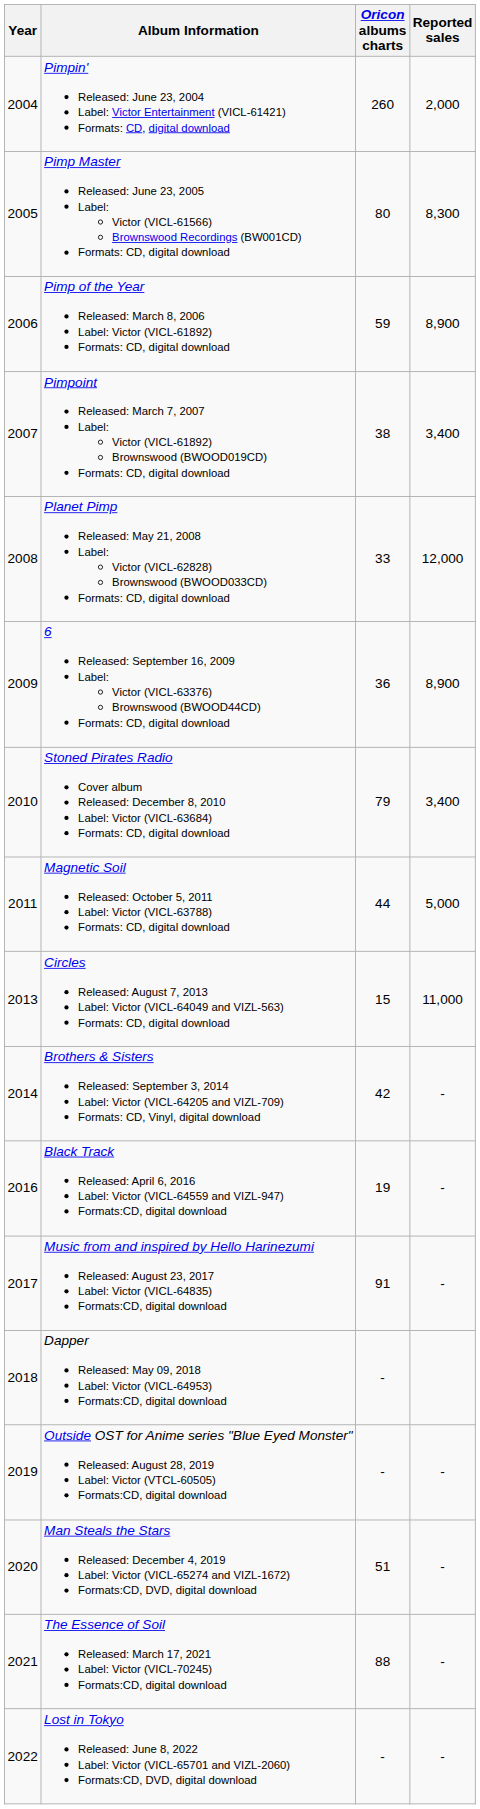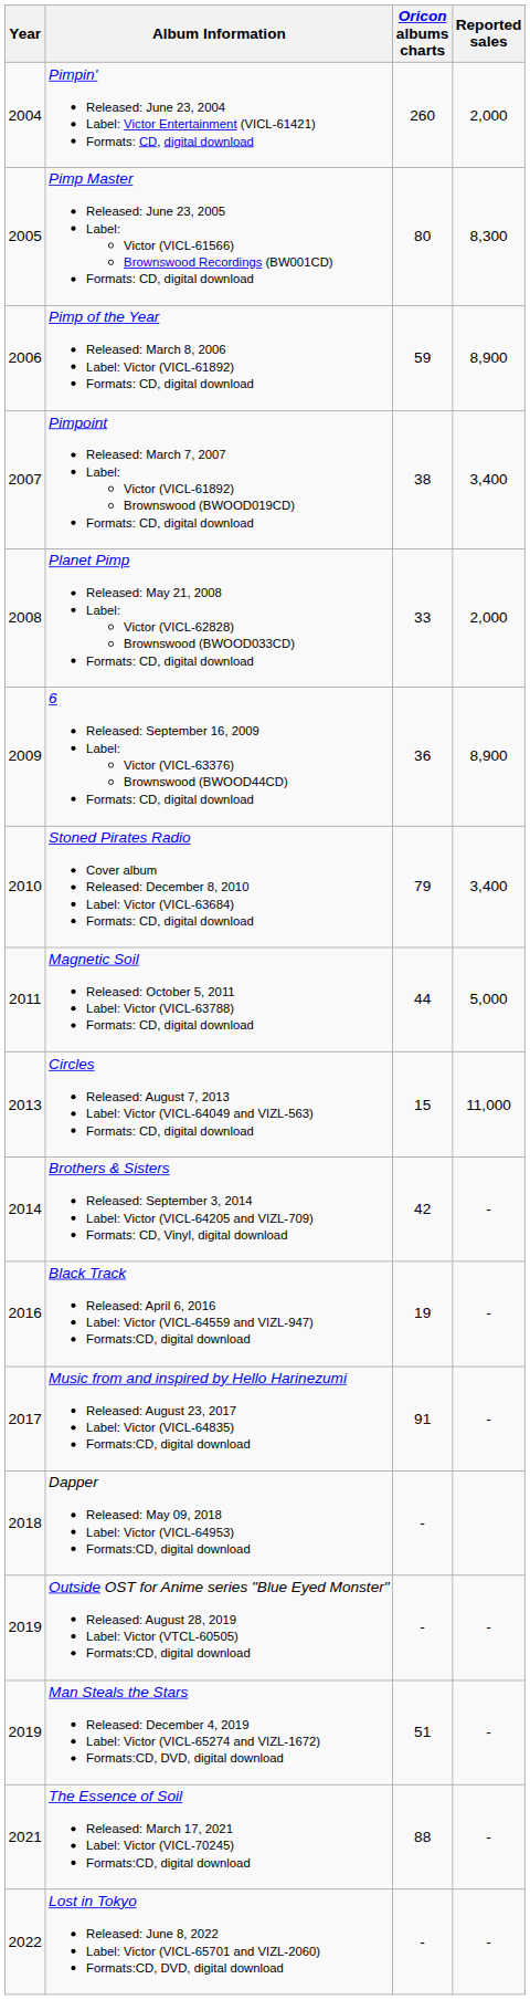 <table class="wikitable">
 <tr>
 <th>Year</th>
 <th>Album Information</th>
 <th><em><a href='#'>Oricon</a></em><br>albums<br>charts<br></th>
 <th>Reported<br>sales<br></th>
 </tr>
 <tr>
 <td style="text-align:center;">2004</td>
 <td><em><a href='#'>Pimpin'</a></em><br><ul><li><small>Released: June 23, 2004</small></li><li><small>Label: <a href='#'>Victor Entertainment</a> (VICL-61421)</small></li><li><small>Formats: <a href='#'>CD</a>, <a href='#'>digital download</a></small></li></ul></td>
 <td style="text-align:center;">260</td>
 <td style="text-align:center;">2,000</td>
 </tr>
 <tr>
 <td style="text-align:center;">2005</td>
 <td><em><a href='#'>Pimp Master</a></em><br><ul><li><small>Released: June 23, 2005</small></li><li><small>Label:</small><ul><li><small>Victor (VICL-61566)</small></li><li><small><a href='#'>Brownswood Recordings</a> (BW001CD)</small></li></ul></li><li><small>Formats: CD, digital download</small></li></ul></td>
 <td style="text-align:center;">80</td>
 <td style="text-align:center;">8,300</td>
 </tr>
 <tr>
 <td style="text-align:center;">2006</td>
 <td><em><a href='#'>Pimp of the Year</a></em><br><ul><li><small>Released: March 8, 2006</small></li><li><small>Label: Victor (VICL-61892)</small></li><li><small>Formats: CD, digital download</small></li></ul></td>
 <td style="text-align:center;">59</td>
 <td style="text-align:center;">8,900</td>
 </tr>
 <tr>
 <td style="text-align:center;">2007</td>
 <td><em><a href='#'>Pimpoint</a></em><br><ul><li><small>Released: March 7, 2007</small></li><li><small>Label:</small><ul><li><small>Victor (VICL-61892)</small></li><li><small>Brownswood (BWOOD019CD)</small></li></ul></li><li><small>Formats: CD, digital download</small></li></ul></td>
 <td style="text-align:center;">38</td>
 <td style="text-align:center;">3,400</td>
 </tr>
 <tr>
 <td style="text-align:center;">2008</td>
 <td><em><a href='#'>Planet Pimp</a></em><br><ul><li><small>Released: May 21, 2008</small></li><li><small>Label:</small><ul><li><small>Victor (VICL-62828)</small></li><li><small>Brownswood (BWOOD033CD)</small></li></ul></li><li><small>Formats: CD, digital download</small></li></ul></td>
 <td style="text-align:center;">33</td>
-<td style="text-align:center;">12,000</td>
+<td style="text-align:center;">2,000</td>
 </tr>
 <tr>
 <td style="text-align:center;">2009</td>
 <td><em><a href='#'>6</a></em><br><ul><li><small>Released: September 16, 2009</small></li><li><small>Label:</small><ul><li><small>Victor (VICL-63376)</small></li><li><small>Brownswood (BWOOD44CD)</small></li></ul></li><li><small>Formats: CD, digital download</small></li></ul></td>
 <td style="text-align:center;">36</td>
 <td style="text-align:center;">8,900</td>
 </tr>
 <tr>
 <td style="text-align:center;">2010</td>
 <td><em><a href='#'>Stoned Pirates Radio</a></em><br><ul><li><small>Cover album</small></li><li><small>Released: December 8, 2010</small></li><li><small>Label: Victor (VICL-63684)</small></li><li><small>Formats: CD, digital download</small></li></ul></td>
 <td style="text-align:center;">79</td>
 <td style="text-align:center;">3,400</td>
 </tr>
 <tr>
 <td style="text-align:center;">2011</td>
 <td><em><a href='#'>Magnetic Soil</a></em><br><ul><li><small>Released: October 5, 2011</small></li><li><small>Label: Victor (VICL-63788)</small></li><li><small>Formats: CD, digital download</small></li></ul></td>
 <td style="text-align:center;">44</td>
 <td style="text-align:center;">5,000</td>
 </tr>
 <tr>
 <td style="text-align:center;">2013</td>
 <td><em><a href='#'>Circles</a></em><br><ul><li><small>Released: August 7, 2013</small></li><li><small>Label: Victor (VICL-64049 and VIZL-563)</small></li><li><small>Formats: CD, digital download</small></li></ul></td>
 <td style="text-align:center;">15</td>
 <td style="text-align:center;">11,000</td>
 </tr>
 <tr>
 <td style="text-align:center;">2014</td>
 <td><em><a href='#'>Brothers & Sisters</a></em><br><ul><li><small>Released: September 3, 2014</small></li><li><small>Label: Victor (VICL-64205 and VIZL-709)</small></li><li><small>Formats: CD, Vinyl, digital download</small></li></ul></td>
 <td style="text-align:center;">42</td>
 <td style="text-align:center;">-</td>
 </tr>
 <tr>
 <td style="text-align:center;">2016</td>
 <td><em><a href='#'>Black Track</a></em><br><ul><li><small>Released: April 6, 2016</small></li><li><small>Label: Victor (VICL-64559 and VIZL-947)</small></li><li><small>Formats:CD, digital download</small></li></ul></td>
 <td style="text-align:center;">19</td>
 <td style="text-align:center;">-</td>
 </tr>
 <tr>
 <td style="text-align:center;">2017</td>
 <td><em><a href='#'>Music from and inspired by Hello Harinezumi</a></em><br><ul><li><small>Released: August 23, 2017</small></li><li><small>Label: Victor (VICL-64835)</small></li><li><small>Formats:CD, digital download</small></li></ul></td>
 <td style="text-align:center;">91</td>
 <td style="text-align:center;">-</td>
 </tr>
 <tr>
 <td>2018</td>
 <td><em>Dapper</em><br><ul><li><small>Released: May 09, 2018</small></li><li><small>Label: Victor (VICL-64953)</small></li><li><small>Formats:CD, digital download</small></li></ul></td>
 <td style="text-align:center;">-</td>
 <td></td>
 </tr>
 <tr>
 <td style="text-align:center;">2019</td>
 <td><em><a href='#'>Outside</a> OST for Anime series "Blue Eyed Monster"</em><br><ul><li><small>Released: August 28, 2019</small></li><li><small>Label: Victor (VTCL-60505)</small></li><li><small>Formats:CD, digital download</small></li></ul></td>
 <td style="text-align:center;">-</td>
 <td style="text-align:center;">-</td>
 </tr>
 <tr>
-<td style="text-align:center;">2020</td>
+<td style="text-align:center;">2019</td>
 <td><em><a href='#'>Man Steals the Stars</a></em><br><ul><li><small>Released: December 4, 2019</small></li><li><small>Label: Victor (VICL-65274 and VIZL-1672)</small></li><li><small>Formats:CD, DVD, digital download</small></li></ul></td>
 <td style="text-align:center;">51</td>
 <td style="text-align:center;">-</td>
 </tr>
 <tr>
 <td style="text-align:center;">2021</td>
 <td><em><a href='#'>The Essence of Soil</a></em><br><ul><li><small>Released: March 17, 2021</small></li><li><small>Label: Victor (VICL-70245)</small></li><li><small>Formats:CD, digital download</small></li></ul></td>
 <td style="text-align:center;">88</td>
 <td style="text-align:center;">-</td>
 </tr>
 <tr>
 <td style="text-align:center;">2022</td>
 <td><em><a href='#'>Lost in Tokyo</a></em><br><ul><li><small>Released: June 8, 2022</small></li><li><small>Label: Victor (VICL-65701 and VIZL-2060)</small></li><li><small>Formats:CD, DVD, digital download</small></li></ul></td>
 <td style="text-align:center;">-</td>
 <td style="text-align:center;">-</td>
 </tr>
 </table>
